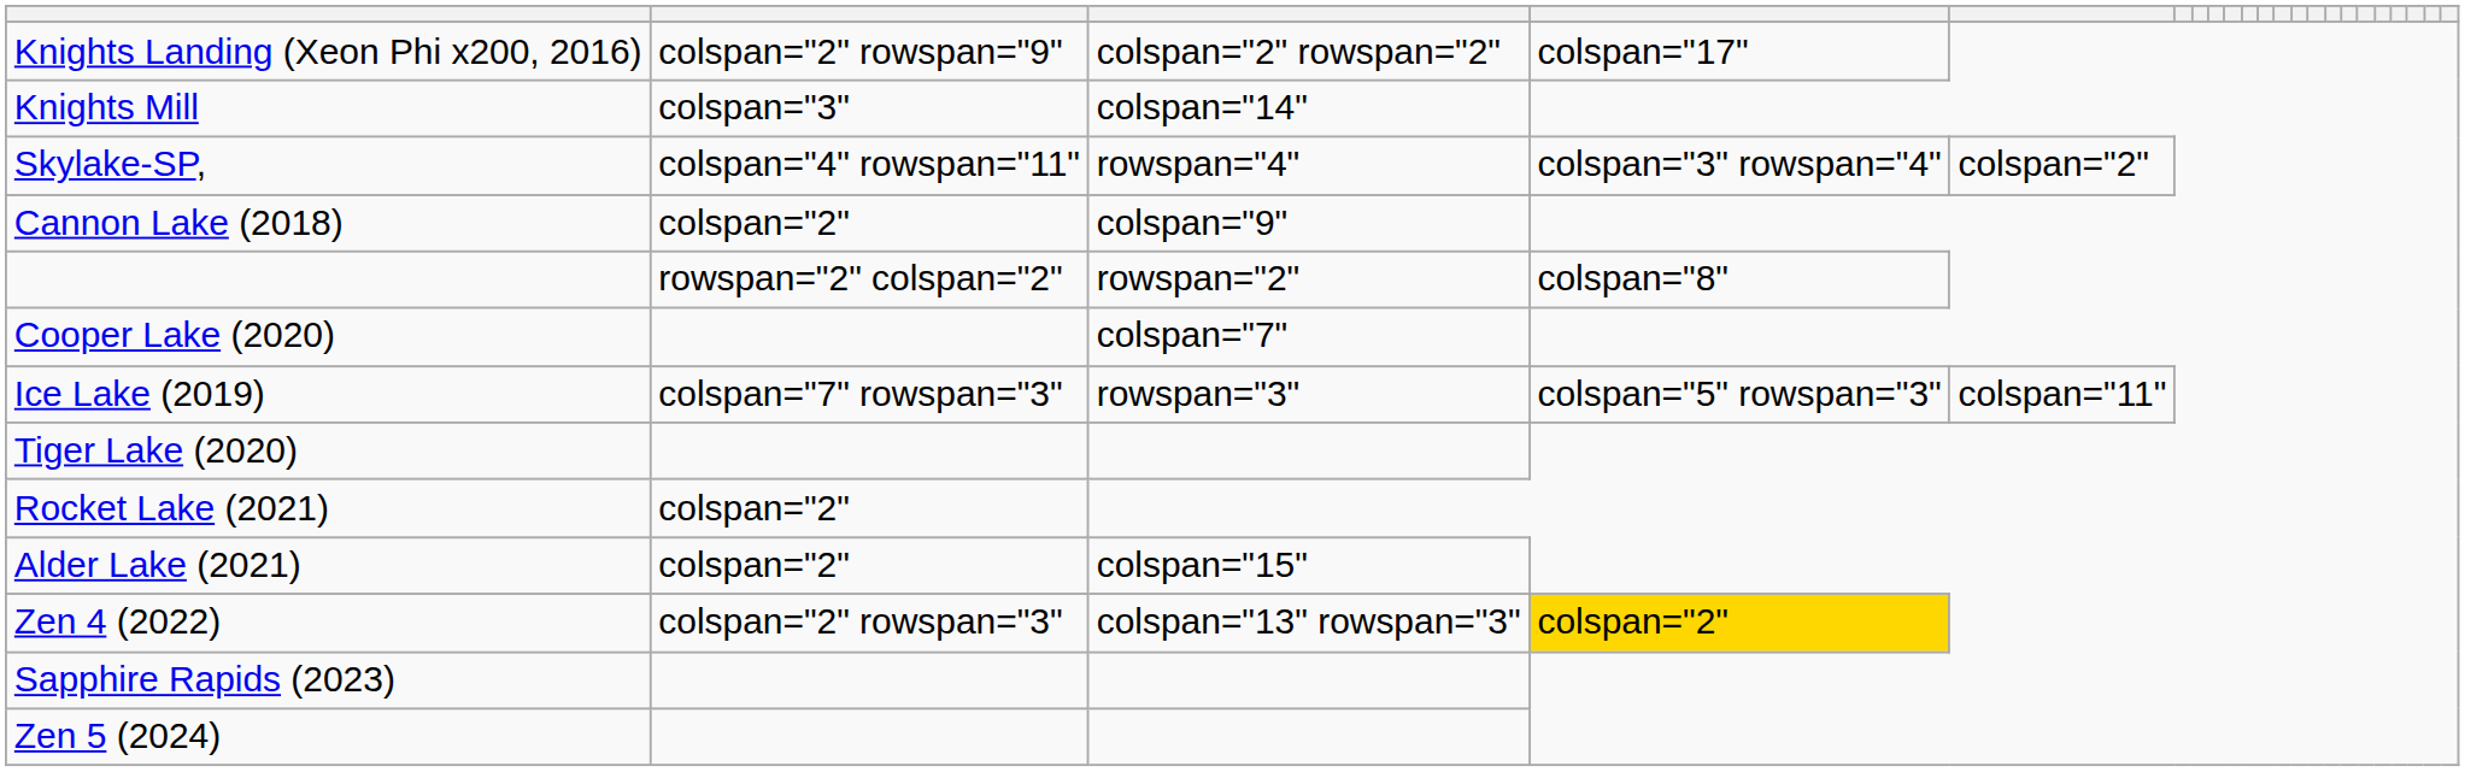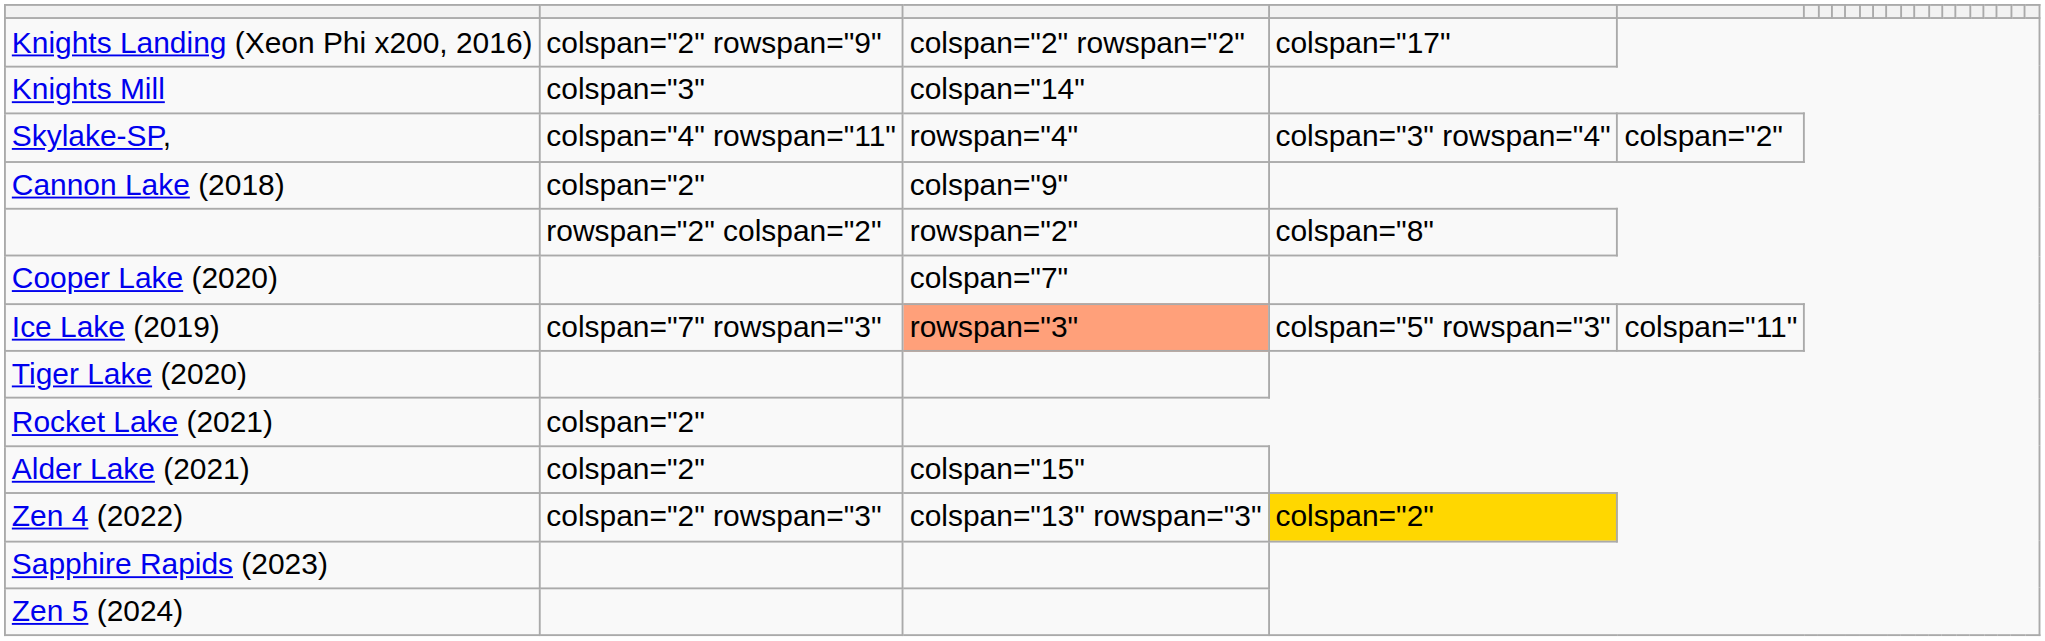 <table class="wikitable">
 <tr>
 <th></th>
 <th></th>
 <th></th>
 <th></th>
 <th></th>
 <th></th>
 <th></th>
 <th></th>
 <th></th>
 <th></th>
 <th></th>
 <th></th>
 <th></th>
 <th></th>
 <th></th>
 <th></th>
 <th></th>
 <th></th>
 <th></th>
 <th></th>
 <th></th>
 <th></th>
 </tr>
 <tr>
 <td><a href='#'>Knights Landing</a> (Xeon Phi x200, 2016)</td>
 <td>colspan="2" rowspan="9" </td>
 <td>colspan="2" rowspan="2" </td>
 <td>colspan="17" </td>
 </tr>
 <tr>
 <td><a href='#'>Knights Mill</a> </td>
 <td>colspan="3" </td>
 <td>colspan="14" </td>
 </tr>
 <tr>
 <td><a href='#'>Skylake-SP</a>, </td>
 <td>colspan="4" rowspan="11" </td>
 <td>rowspan="4" </td>
 <td>colspan="3" rowspan="4" </td>
 <td>colspan="2" </td>
 </tr>
 <tr>
 <td><a href='#'>Cannon Lake</a> (2018)</td>
 <td>colspan="2" </td>
 <td>colspan="9" </td>
 </tr>
 <tr>
 <td></td>
 <td>rowspan="2" colspan="2" </td>
 <td>rowspan="2" </td>
 <td>colspan="8" </td>
 </tr>
 <tr>
 <td><a href='#'>Cooper Lake</a> (2020)</td>
 <td></td>
 <td>colspan="7" </td>
 </tr>
 <tr>
 <td><a href='#'>Ice Lake</a> (2019)</td>
 <td>colspan="7" rowspan="3" </td>
-<td>rowspan="3" </td>
+<td style="background: lightsalmon;">rowspan="3" </td>
 <td>colspan="5" rowspan="3" </td>
 <td>colspan="11" </td>
 </tr>
 <tr>
 <td><a href='#'>Tiger Lake</a> (2020)</td>
 <td></td>
 <td></td>
 </tr>
 <tr>
 <td><a href='#'>Rocket Lake</a> (2021)</td>
 <td>colspan="2" </td>
 </tr>
 <tr>
 <td><a href='#'>Alder Lake</a> (2021)</td>
 <td>colspan="2" </td>
 <td>colspan="15" </td>
 </tr>
 <tr>
 <td><a href='#'>Zen 4</a> (2022)</td>
 <td>colspan="2" rowspan="3" </td>
 <td>colspan="13" rowspan="3" </td>
 <td style="background: gold;">colspan="2" </td>
 </tr>
 <tr>
 <td><a href='#'>Sapphire Rapids</a> (2023)</td>
 <td></td>
 <td></td>
 </tr>
 <tr>
 <td><a href='#'>Zen 5</a> (2024)</td>
 <td></td>
 <td></td>
 </tr>
 </table>
